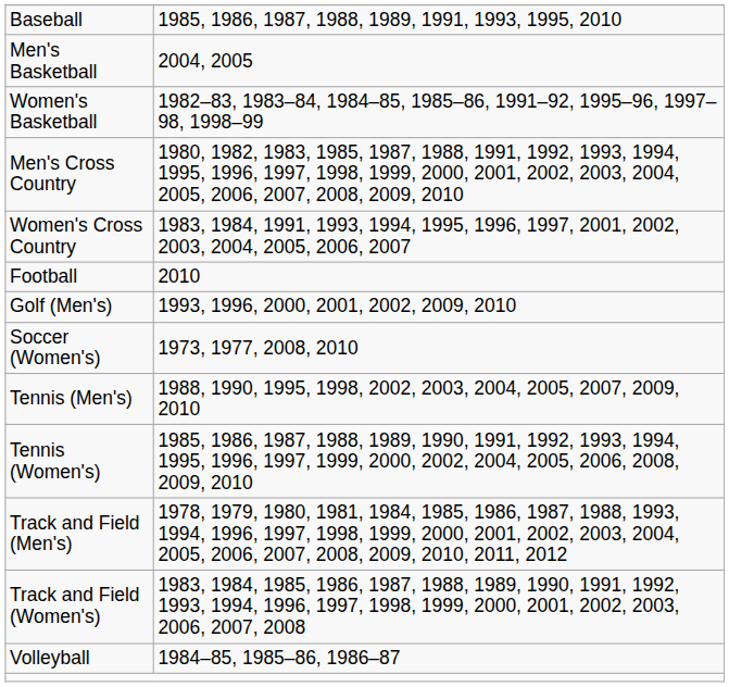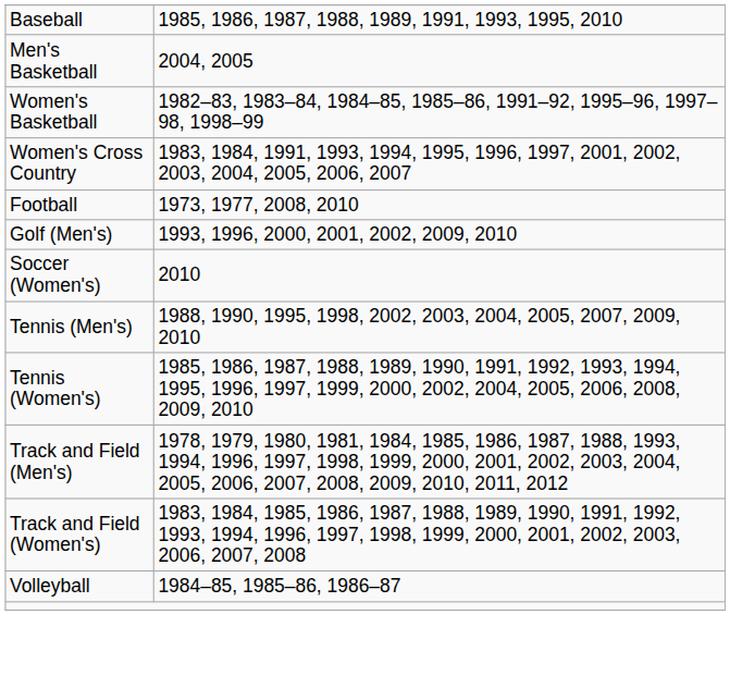 <table class="wikitable" style="float:center; clear:center; margin:0 0 1em 1em;">
 <tr>
 </tr>
 <tr>
 <td>Baseball</td>
 <td>1985, 1986, 1987, 1988, 1989, 1991, 1993, 1995, 2010</td>
 </tr>
 <tr>
 <td>Men's Basketball</td>
 <td>2004, 2005</td>
 </tr>
 <tr>
 <td>Women's Basketball</td>
 <td>1982–83, 1983–84, 1984–85, 1985–86, 1991–92, 1995–96, 1997–98, 1998–99</td>
 </tr>
 <tr>
-<td>Men's Cross Country</td>
-<td>1980, 1982, 1983, 1985, 1987, 1988, 1991, 1992, 1993, 1994, 1995, 1996, 1997, 1998, 1999, 2000, 2001, 2002, 2003, 2004, 2005, 2006, 2007, 2008, 2009, 2010</td>
-</tr>
-<tr>
 <td>Women's Cross Country</td>
 <td>1983, 1984, 1991, 1993, 1994, 1995, 1996, 1997, 2001, 2002, 2003, 2004, 2005, 2006, 2007</td>
 </tr>
 <tr>
 <td>Football</td>
-<td>2010</td>
+<td>1973, 1977, 2008, 2010</td>
 </tr>
 <tr>
 <td>Golf (Men's)</td>
 <td>1993, 1996, 2000, 2001, 2002, 2009, 2010</td>
 </tr>
 <tr>
 <td>Soccer (Women's)</td>
-<td>1973, 1977, 2008, 2010</td>
+<td>2010</td>
 </tr>
 <tr>
 <td>Tennis (Men's)</td>
 <td>1988, 1990, 1995, 1998, 2002, 2003, 2004, 2005, 2007, 2009, 2010</td>
 </tr>
 <tr>
 <td>Tennis (Women's)</td>
 <td>1985, 1986, 1987, 1988, 1989, 1990, 1991, 1992, 1993, 1994, 1995, 1996, 1997, 1999, 2000, 2002, 2004, 2005, 2006, 2008, 2009, 2010</td>
 </tr>
 <tr>
 <td>Track and Field (Men's)</td>
 <td>1978, 1979, 1980, 1981, 1984, 1985, 1986, 1987, 1988, 1993, 1994, 1996, 1997, 1998, 1999, 2000, 2001, 2002, 2003, 2004, 2005, 2006, 2007, 2008, 2009, 2010, 2011, 2012</td>
 </tr>
 <tr>
 <td>Track and Field (Women's)</td>
 <td>1983, 1984, 1985, 1986, 1987, 1988, 1989, 1990, 1991, 1992, 1993, 1994, 1996, 1997, 1998, 1999, 2000, 2001, 2002, 2003, 2006, 2007, 2008</td>
 </tr>
 <tr>
 <td>Volleyball</td>
 <td>1984–85, 1985–86, 1986–87</td>
 </tr>
 <tr>
 <td colspan="2"></td>
 </tr>
 </table>
